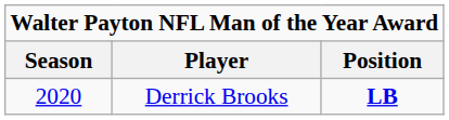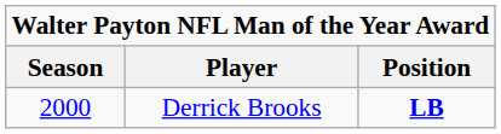 <table class="wikitable" style="text-align:center">
 <tr>
 <td colspan="3"><strong>Walter Payton NFL Man of the Year Award</strong></td>
 </tr>
 <tr>
 <th>Season</th>
 <th>Player</th>
 <th>Position</th>
 </tr>
 <tr>
-<td><a href='#'>2020</a></td>
+<td><a href='#'>2000</a></td>
 <td><a href='#'>Derrick Brooks</a></td>
 <td><strong><a href='#'>LB</a></strong></td>
 </tr>
 </table>
